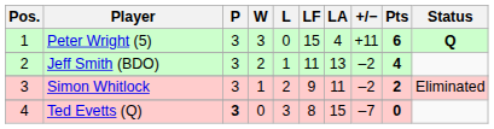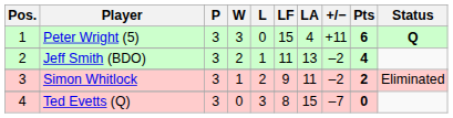 <table class="wikitable" style="text-align:center; margin: 1em auto 1em auto, align:left">
 <tr>
 <th width=20>Pos.</th>
 <th width=185>Player</th>
 <th width=20>P</th>
 <th width=20>W</th>
 <th width=20>L</th>
 <th width=20>LF</th>
 <th width=20>LA</th>
 <th width=25>+/−</th>
 <th width=20>Pts</th>
 <th width=70>Status</th>
 </tr>
 <tr style="background:#CCFFCC;">
 <td>1</td>
 <td align=left> <a href='#'>Peter Wright</a> (5)</td>
 <td>3</td>
 <td>3</td>
 <td>0</td>
 <td>15</td>
 <td>4</td>
 <td>+11</td>
 <td><strong>6</strong></td>
 <td rowspan=2><strong>Q</strong></td>
 </tr>
 <tr>
 </tr>
 <tr style="background:#CCFFCC;">
 <td>2</td>
 <td align=left> <a href='#'>Jeff Smith</a> (BDO)</td>
 <td>3</td>
 <td>2</td>
 <td>1</td>
 <td>11</td>
 <td>13</td>
 <td>–2</td>
 <td><strong>4</strong></td>
 </tr>
 <tr>
 </tr>
 <tr style="background:#FFCCCC;">
 <td>3</td>
 <td align=left> <a href='#'>Simon Whitlock</a></td>
 <td>3</td>
 <td>1</td>
 <td>2</td>
 <td>9</td>
 <td>11</td>
 <td>–2</td>
 <td><strong>2</strong></td>
 <td rowspan=2>Eliminated</td>
 </tr>
 <tr>
 </tr>
 <tr style="background:#FFCCCC;">
 <td>4</td>
 <td align=left> <a href='#'>Ted Evetts</a> (Q)</td>
-<td><strong>3</strong></td>
+<td>3</td>
 <td>0</td>
 <td>3</td>
 <td>8</td>
 <td>15</td>
 <td>–7</td>
 <td><strong>0</strong></td>
 </tr>
 </table>
